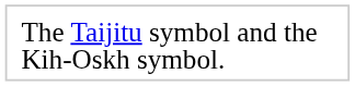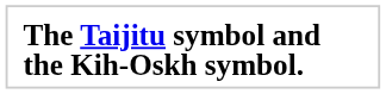 <table style="float:right; width:170px; border:solid #ccc 1px; margin:5px;">
 <tr align="center">
 <td> </td>
 </tr>
 <tr>
-<td style="padding:0 5px 0 5px; font-size:85%; line-height:14px;">The <a href='#'>Taijitu</a> symbol and the Kih-Oskh symbol.</td>
+<td style="padding:0 5px 0 5px; font-size:85%; line-height:14px;"><strong>The <a href='#'>Taijitu</a> symbol and the Kih-Oskh symbol.</strong></td>
 </tr>
 </table>
